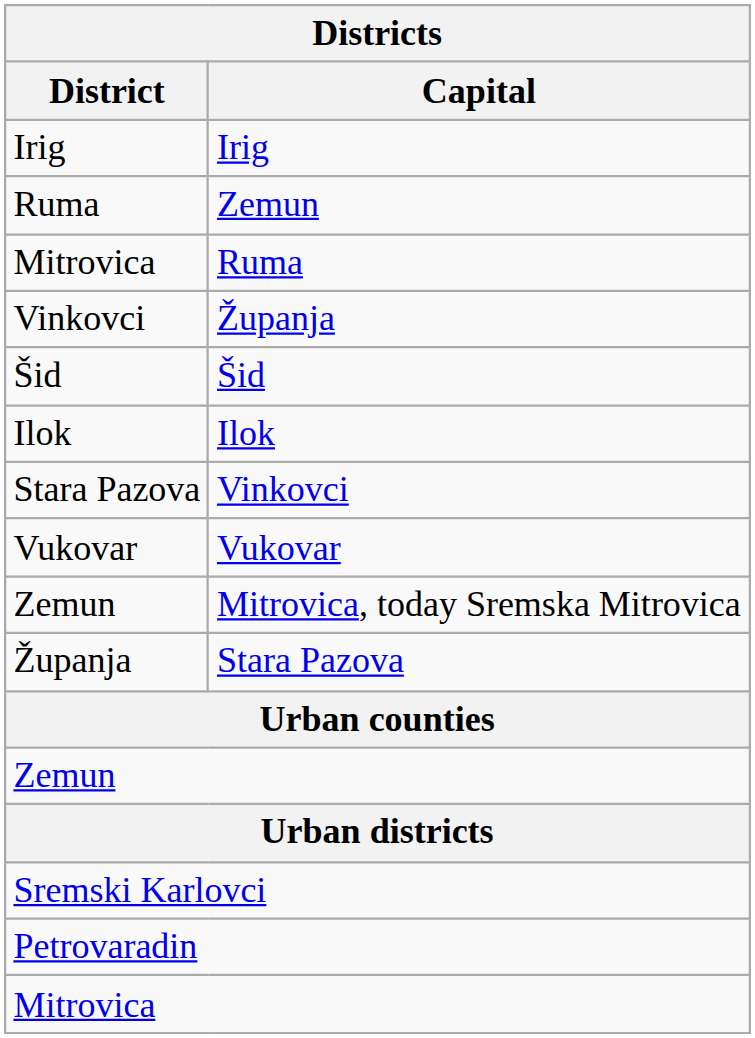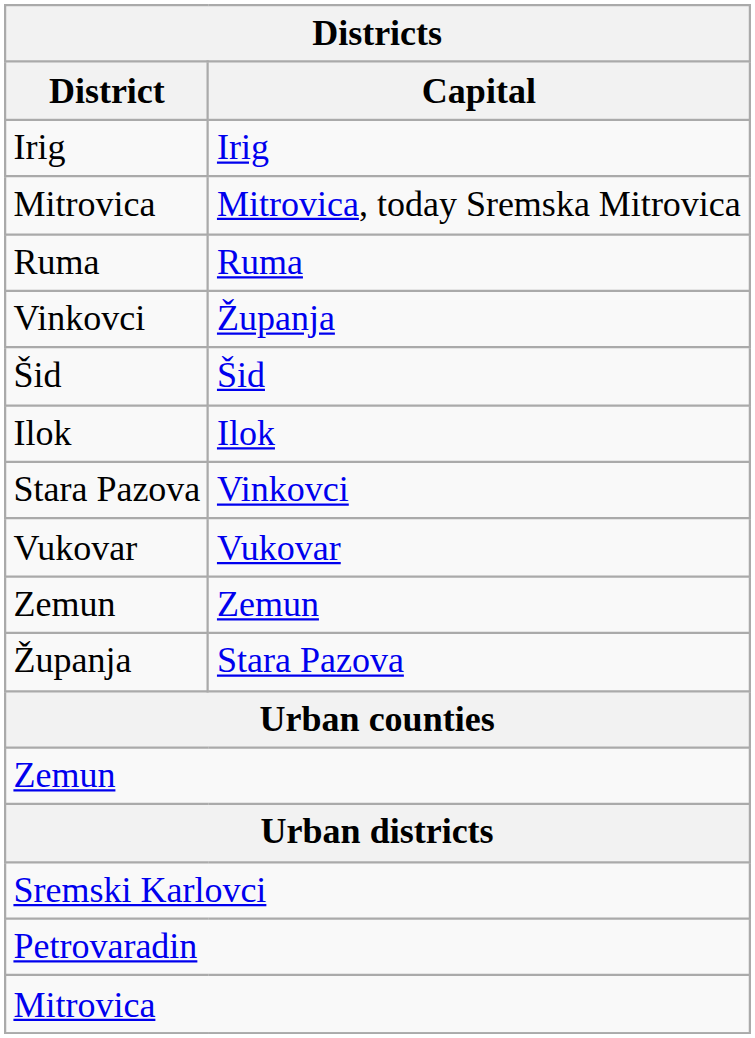 <table class="wikitable">
 <tr>
 <th colspan=2>Districts</th>
 </tr>
 <tr>
 <th>District</th>
 <th>Capital</th>
 </tr>
 <tr>
 <td>Irig</td>
 <td><a href='#'>Irig</a></td>
 </tr>
 <tr>
-<td>Ruma</td>
-<td><a href='#'>Zemun</a></td>
+<td>Mitrovica</td>
+<td><a href='#'>Mitrovica</a>, today Sremska Mitrovica</td>
 </tr>
 <tr>
-<td>Mitrovica</td>
+<td>Ruma</td>
 <td><a href='#'>Ruma</a></td>
 </tr>
 <tr>
 <td>Vinkovci</td>
 <td><a href='#'>Županja</a></td>
 </tr>
 <tr>
 <td>Šid</td>
 <td><a href='#'>Šid</a></td>
 </tr>
 <tr>
 <td>Ilok</td>
 <td><a href='#'>Ilok</a></td>
 </tr>
 <tr>
 <td>Stara Pazova</td>
 <td><a href='#'>Vinkovci</a></td>
 </tr>
 <tr>
 <td>Vukovar</td>
 <td><a href='#'>Vukovar</a></td>
 </tr>
 <tr>
 <td>Zemun</td>
-<td><a href='#'>Mitrovica</a>, today Sremska Mitrovica</td>
+<td><a href='#'>Zemun</a></td>
 </tr>
 <tr>
 <td>Županja</td>
 <td><a href='#'>Stara Pazova</a></td>
 </tr>
 <tr>
 <th colspan=2>Urban counties</th>
 </tr>
 <tr>
 <td colspan=2><a href='#'>Zemun</a></td>
 </tr>
 <tr>
 <th colspan=2>Urban districts</th>
 </tr>
 <tr>
 <td colspan=2><a href='#'>Sremski Karlovci</a></td>
 </tr>
 <tr>
 <td colspan=2><a href='#'>Petrovaradin</a></td>
 </tr>
 <tr>
 <td colspan=2><a href='#'>Mitrovica</a></td>
 </tr>
 <tr>
 </tr>
 </table>
